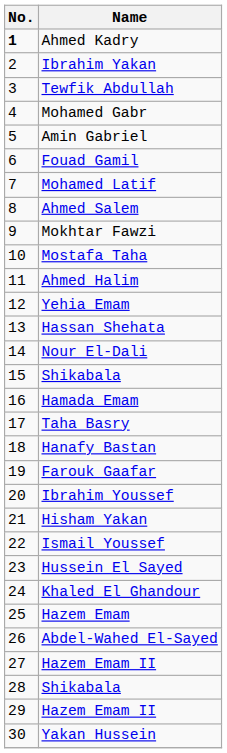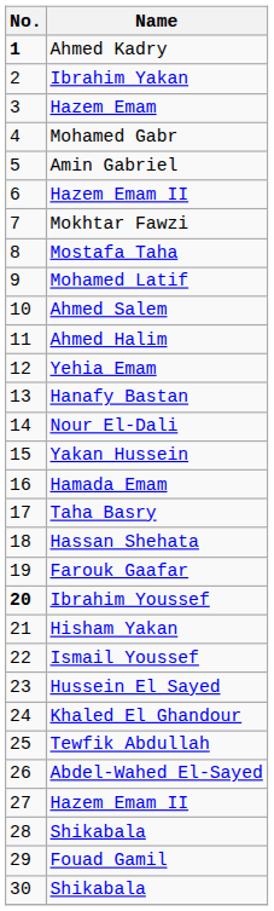 <table class="wikitable alternance" style="display:inline-table;">
 <tr>
 <th>No.</th>
 <th>Name</th>
 </tr>
 <tr>
 <td><strong>1</strong></td>
 <td> Ahmed Kadry</td>
 </tr>
 <tr>
 <td>2</td>
 <td> <a href='#'>Ibrahim Yakan</a></td>
 </tr>
 <tr>
 <td>3</td>
-<td> <a href='#'>Tewfik Abdullah</a></td>
+<td> <a href='#'>Hazem Emam</a></td>
 </tr>
 <tr>
 <td>4</td>
 <td> Mohamed Gabr</td>
 </tr>
 <tr>
 <td>5</td>
 <td> Amin Gabriel</td>
 </tr>
 <tr>
 <td>6</td>
-<td> <a href='#'>Fouad Gamil</a></td>
+<td> <a href='#'>Hazem Emam II</a></td>
 </tr>
 <tr>
 <td>7</td>
+<td> Mokhtar Fawzi</td>
+</tr>
+<tr>
+<td>8</td>
+<td> <a href='#'>Mostafa Taha</a></td>
+</tr>
+<tr>
+<td>9</td>
 <td> <a href='#'>Mohamed Latif</a></td>
 </tr>
 <tr>
-<td>8</td>
+<td>10</td>
 <td> <a href='#'>Ahmed Salem</a></td>
-</tr>
-<tr>
-<td>9</td>
-<td> Mokhtar Fawzi</td>
-</tr>
-<tr>
-<td>10</td>
-<td> <a href='#'>Mostafa Taha</a></td>
 </tr>
 <tr>
 <td>11</td>
 <td> <a href='#'>Ahmed Halim</a></td>
 </tr>
 <tr>
 <td>12</td>
 <td> <a href='#'>Yehia Emam</a></td>
 </tr>
 <tr>
 <td>13</td>
-<td> <a href='#'>Hassan Shehata</a></td>
+<td> <a href='#'>Hanafy Bastan</a></td>
 </tr>
 <tr>
 <td>14</td>
 <td> <a href='#'>Nour El-Dali</a></td>
 </tr>
 <tr>
 <td>15</td>
-<td> <a href='#'>Shikabala</a></td>
+<td> <a href='#'>Yakan Hussein</a></td>
 </tr>
 <tr>
 <td>16</td>
 <td> <a href='#'>Hamada Emam</a></td>
 </tr>
 <tr>
 <td>17</td>
 <td> <a href='#'>Taha Basry</a></td>
 </tr>
 <tr>
 <td>18</td>
-<td> <a href='#'>Hanafy Bastan</a></td>
+<td> <a href='#'>Hassan Shehata</a></td>
 </tr>
 <tr>
 <td>19</td>
 <td> <a href='#'>Farouk Gaafar</a></td>
 </tr>
 <tr>
-<td>20</td>
+<td><strong>20</strong></td>
 <td> <a href='#'>Ibrahim Youssef</a></td>
 </tr>
 <tr>
 <td>21</td>
 <td> <a href='#'>Hisham Yakan</a></td>
 </tr>
 <tr>
 <td>22</td>
 <td> <a href='#'>Ismail Youssef</a></td>
 </tr>
 <tr>
 <td>23</td>
 <td> <a href='#'>Hussein El Sayed</a></td>
 </tr>
 <tr>
 <td>24</td>
 <td> <a href='#'>Khaled El Ghandour</a></td>
 </tr>
 <tr>
 <td>25</td>
-<td> <a href='#'>Hazem Emam</a></td>
+<td> <a href='#'>Tewfik Abdullah</a></td>
 </tr>
 <tr>
 <td>26</td>
 <td> <a href='#'>Abdel-Wahed El-Sayed</a></td>
 </tr>
 <tr>
 <td>27</td>
 <td> <a href='#'>Hazem Emam II</a></td>
 </tr>
 <tr>
 <td>28</td>
 <td> <a href='#'>Shikabala</a></td>
 </tr>
 <tr>
 <td>29</td>
-<td> <a href='#'>Hazem Emam II</a></td>
+<td> <a href='#'>Fouad Gamil</a></td>
 </tr>
 <tr>
 <td>30</td>
-<td> <a href='#'>Yakan Hussein</a></td>
+<td> <a href='#'>Shikabala</a></td>
 </tr>
 <tr>
 </tr>
 </table>
